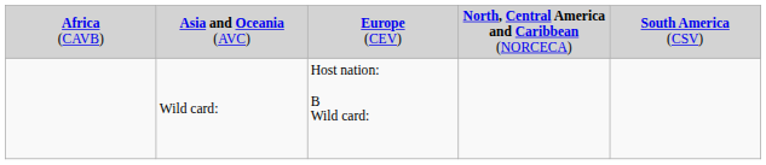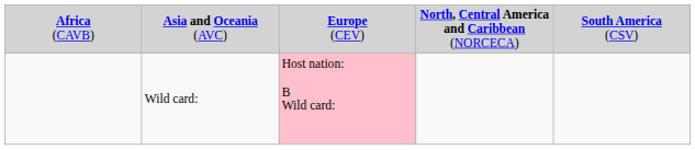 <table class="wikitable">
 <tr style="background:Lightgrey;">
 <td style="width:20%; text-align:center;"><strong><a href='#'>Africa</a></strong><br>(<a href='#'>CAVB</a>)</td>
 <td style="width:20%; text-align:center;"><strong><a href='#'>Asia</a> and <a href='#'>Oceania</a></strong><br>(<a href='#'>AVC</a>)</td>
 <td style="width:20%; text-align:center;"><strong><a href='#'>Europe</a></strong><br>(<a href='#'>CEV</a>)</td>
 <td style="width:20%; text-align:center;"><strong><a href='#'>North</a>, <a href='#'>Central</a> America and <a href='#'>Caribbean</a></strong><br>(<a href='#'>NORCECA</a>)</td>
 <td style="width:20%; text-align:center;"><strong><a href='#'>South America</a><br></strong>(<a href='#'>CSV</a>)</td>
 </tr>
 <tr>
 <td></td>
 <td>Wild card: <br></td>
-<td>Host nation: <br><br> B<br>Wild card: <br><br><br></td>
+<td style="background: pink;">Host nation: <br><br> B<br>Wild card: <br><br><br></td>
 <td></td>
 <td></td>
 </tr>
 </table>
